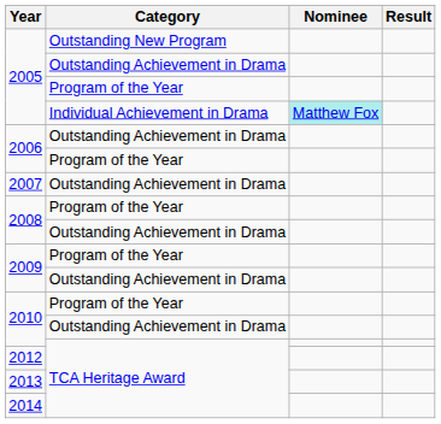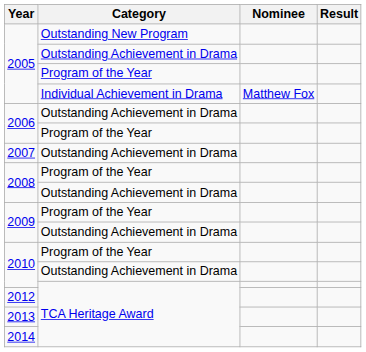 <table class="wikitable">
 <tr>
 <th>Year</th>
 <th>Category</th>
 <th>Nominee</th>
 <th>Result</th>
 </tr>
 <tr>
 <td rowspan=4><a href='#'>2005</a></td>
 <td><a href='#'>Outstanding New Program</a></td>
 <td></td>
 <td></td>
 </tr>
 <tr>
 <td><a href='#'>Outstanding Achievement in Drama</a></td>
 <td></td>
 <td></td>
 </tr>
 <tr>
 <td><a href='#'>Program of the Year</a></td>
 <td></td>
 <td></td>
 </tr>
 <tr>
 <td><a href='#'>Individual Achievement in Drama</a></td>
-<td style="background: paleturquoise;"><a href='#'>Matthew Fox</a></td>
+<td><a href='#'>Matthew Fox</a></td>
 <td></td>
 </tr>
 <tr>
 <td rowspan=2><a href='#'>2006</a></td>
 <td>Outstanding Achievement in Drama</td>
 <td></td>
 <td></td>
 </tr>
 <tr>
 <td>Program of the Year</td>
 <td></td>
 <td></td>
 </tr>
 <tr>
 <td><a href='#'>2007</a></td>
 <td>Outstanding Achievement in Drama</td>
 <td></td>
 <td></td>
 </tr>
 <tr>
 <td rowspan=2><a href='#'>2008</a></td>
 <td>Program of the Year</td>
 <td></td>
 <td></td>
 </tr>
 <tr>
 <td>Outstanding Achievement in Drama</td>
 <td></td>
 <td></td>
 </tr>
 <tr>
 <td rowspan=2><a href='#'>2009</a></td>
 <td>Program of the Year</td>
 <td></td>
 <td></td>
 </tr>
 <tr>
 <td>Outstanding Achievement in Drama</td>
 <td></td>
 <td></td>
 </tr>
 <tr>
 <td rowspan=3><a href='#'>2010</a></td>
 <td>Program of the Year</td>
 <td></td>
 <td></td>
 </tr>
 <tr>
 <td>Outstanding Achievement in Drama</td>
 <td></td>
 <td></td>
 </tr>
 <tr>
 <td rowspan=4><a href='#'>TCA Heritage Award</a></td>
 <td></td>
 <td></td>
 </tr>
 <tr>
 <td><a href='#'>2012</a></td>
 <td></td>
 <td></td>
 </tr>
 <tr>
 <td><a href='#'>2013</a></td>
 <td></td>
 <td></td>
 </tr>
 <tr>
 <td><a href='#'>2014</a></td>
 <td></td>
 <td></td>
 </tr>
 </table>
